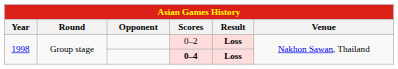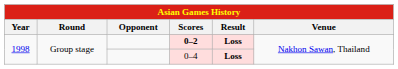 <table class="wikitable collapsible collapsed" style="text-align:center; font-size:90%; width:70%;">
 <tr>
 <th colspan="6" style="background: #DB2017; color: #FFFF00;">Asian Games History</th>
 </tr>
 <tr>
 <th>Year</th>
 <th>Round</th>
 <th>Opponent</th>
 <th>Scores</th>
 <th>Result</th>
 <th>Venue</th>
 </tr>
 <tr>
 <td rowspan="2"><a href='#'>1998</a></td>
 <td rowspan="2">Group stage</td>
 <td style="text-align:left"></td>
-<td style="background:#fdd;">0–2</td>
+<td style="background:#fdd;"><strong>0–2</strong></td>
 <td style="background:#fdd;"><strong>Loss</strong></td>
 <td rowspan="2"> <a href='#'>Nakhon Sawan</a>, Thailand</td>
 </tr>
 <tr>
 <td style="text-align:left"></td>
-<td style="background:#fdd;"><strong>0–4</strong></td>
+<td style="background:#fdd;">0–4</td>
 <td style="background:#fdd;"><strong>Loss</strong></td>
 </tr>
 </table>
